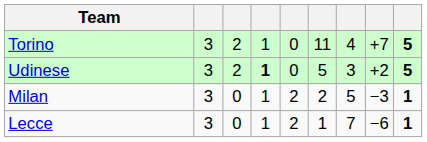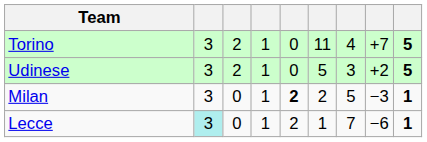 <table class="wikitable" style="text-align: center;">
 <tr>
 <th width=175>Team</th>
 <th width=20></th>
 <th width=20></th>
 <th width=20></th>
 <th width=20></th>
 <th width=20></th>
 <th width=20></th>
 <th width=20></th>
 <th width=20></th>
 </tr>
 <tr bgcolor="#ccffcc">
 <td align=left><a href='#'>Torino</a></td>
 <td>3</td>
 <td>2</td>
 <td>1</td>
 <td>0</td>
 <td>11</td>
 <td>4</td>
 <td>+7</td>
 <td><strong>5</strong></td>
 </tr>
 <tr bgcolor="#ccffcc">
 <td align=left><a href='#'>Udinese</a></td>
 <td>3</td>
 <td>2</td>
-<td><strong>1</strong></td>
+<td>1</td>
 <td>0</td>
 <td>5</td>
 <td>3</td>
 <td>+2</td>
 <td><strong>5</strong></td>
 </tr>
 <tr>
 <td align=left><a href='#'>Milan</a></td>
 <td>3</td>
 <td>0</td>
 <td>1</td>
-<td>2</td>
+<td><strong>2</strong></td>
 <td>2</td>
 <td>5</td>
 <td>−3</td>
 <td><strong>1</strong></td>
 </tr>
 <tr>
 <td align=left><a href='#'>Lecce</a></td>
-<td>3</td>
+<td style="background: paleturquoise;">3</td>
 <td>0</td>
 <td>1</td>
 <td>2</td>
 <td>1</td>
 <td>7</td>
 <td>−6</td>
 <td><strong>1</strong></td>
 </tr>
 </table>
